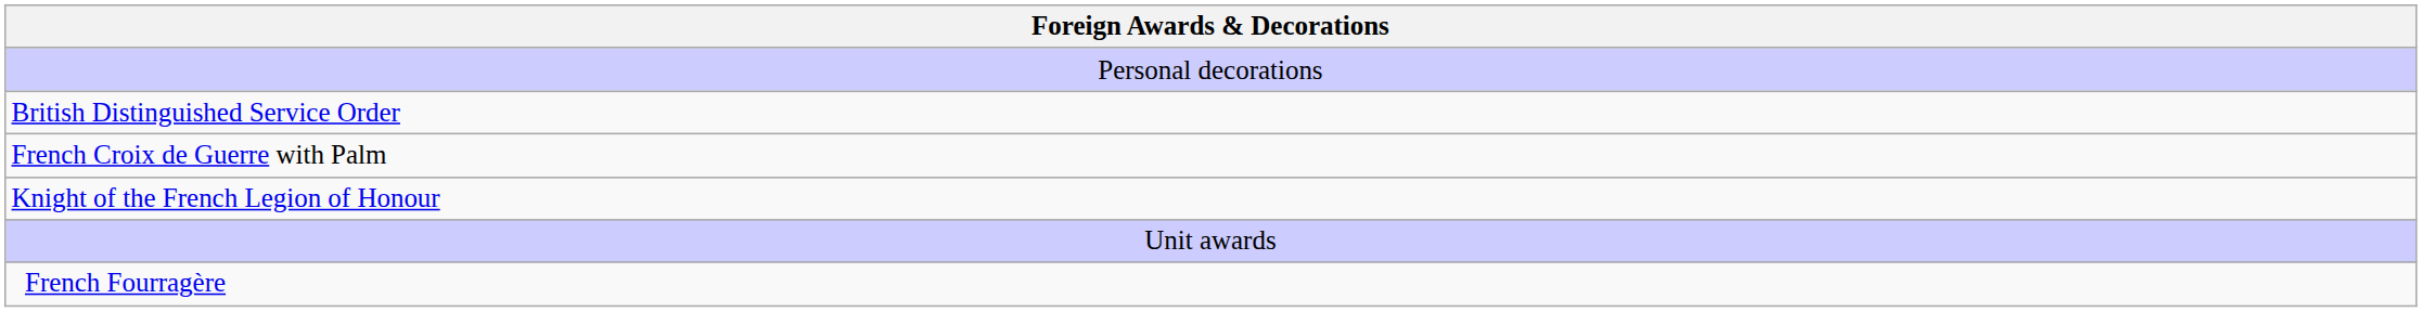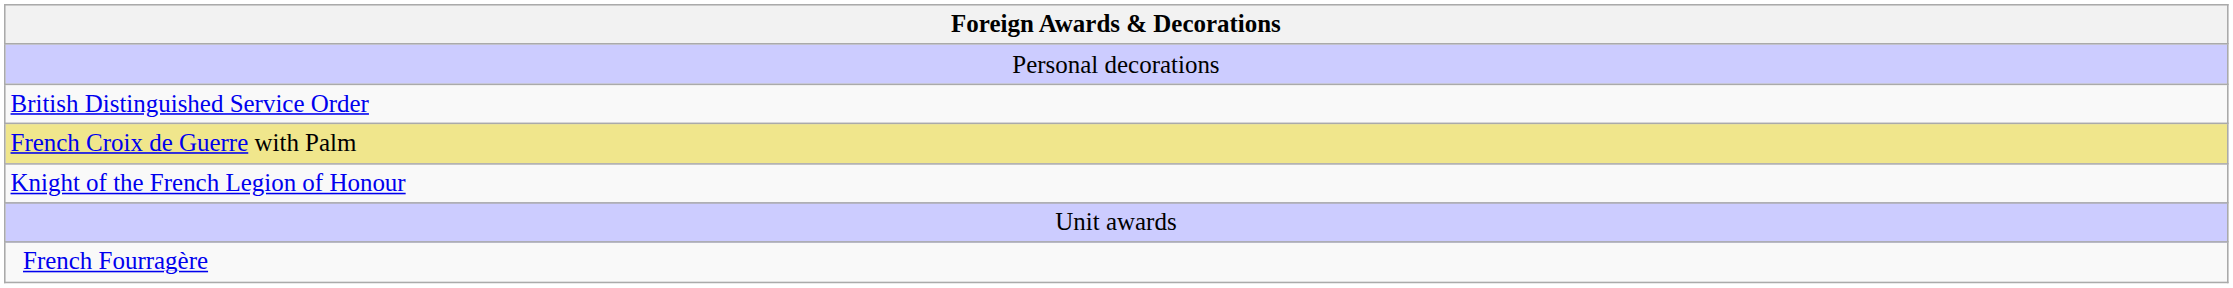 <table class="wikitable" style="width:90%;">
 <tr>
 <th>Foreign Awards & Decorations</th>
 </tr>
 <tr style="background:#ccf; text-align:center;">
 <td>Personal decorations</td>
 </tr>
 <tr>
 <td> <a href='#'>British Distinguished Service Order</a></td>
 </tr>
 <tr>
-<td> <a href='#'>French Croix de Guerre</a> with Palm</td>
+<td style="background: khaki;"> <a href='#'>French Croix de Guerre</a> with Palm</td>
 </tr>
 <tr>
 <td> <a href='#'>Knight of the French Legion of Honour</a></td>
 </tr>
 <tr style="background:#ccf; text-align:center;">
 <td>Unit awards</td>
 </tr>
 <tr>
 <td>  <a href='#'>French Fourragère</a></td>
 </tr>
 </table>
